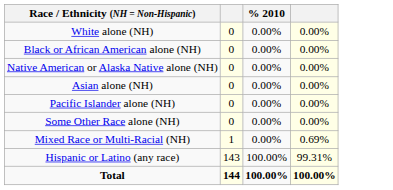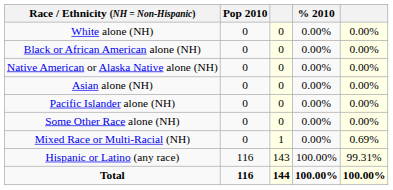 <table class="wikitable" style="text-align:center;">
 <tr>
 <th>Race / Ethnicity <small>(<em>NH = Non-Hispanic</em>)</small></th>
+<th>Pop 2010</th>
 <th></th>
 <th>% 2010</th>
 <th></th>
 </tr>
 <tr>
 <td><a href='#'>White</a> alone (NH)</td>
+<td>0</td>
 <td style='background: #ffffe6;'>0</td>
 <td>0.00%</td>
 <td style='background: #ffffe6;'>0.00%</td>
 </tr>
 <tr>
 <td><a href='#'>Black or African American</a> alone (NH)</td>
+<td>0</td>
 <td style='background: #ffffe6;'>0</td>
 <td>0.00%</td>
 <td style='background: #ffffe6;'>0.00%</td>
 </tr>
 <tr>
 <td><a href='#'>Native American</a> or <a href='#'>Alaska Native</a> alone (NH)</td>
+<td>0</td>
 <td style='background: #ffffe6;'>0</td>
 <td>0.00%</td>
 <td style='background: #ffffe6;'>0.00%</td>
 </tr>
 <tr>
 <td><a href='#'>Asian</a> alone (NH)</td>
+<td>0</td>
 <td style='background: #ffffe6;'>0</td>
 <td>0.00%</td>
 <td style='background: #ffffe6;'>0.00%</td>
 </tr>
 <tr>
 <td><a href='#'>Pacific Islander</a> alone (NH)</td>
+<td>0</td>
 <td style='background: #ffffe6;'>0</td>
 <td>0.00%</td>
 <td style='background: #ffffe6;'>0.00%</td>
 </tr>
 <tr>
 <td><a href='#'>Some Other Race</a> alone (NH)</td>
+<td>0</td>
 <td style='background: #ffffe6;'>0</td>
 <td>0.00%</td>
 <td style='background: #ffffe6;'>0.00%</td>
 </tr>
 <tr>
 <td><a href='#'>Mixed Race or Multi-Racial</a> (NH)</td>
+<td>0</td>
 <td style='background: #ffffe6;'>1</td>
 <td>0.00%</td>
 <td style='background: #ffffe6;'>0.69%</td>
 </tr>
 <tr>
 <td><a href='#'>Hispanic or Latino</a> (any race)</td>
+<td>116</td>
 <td style='background: #ffffe6;'>143</td>
 <td>100.00%</td>
 <td style='background: #ffffe6;'>99.31%</td>
 </tr>
 <tr>
 <td><strong>Total</strong></td>
+<td><strong>116</strong></td>
 <td style='background: #ffffe6;'><strong>144</strong></td>
 <td><strong>100.00%</strong></td>
 <td style='background: #ffffe6;'><strong>100.00%</strong></td>
 </tr>
 </table>
